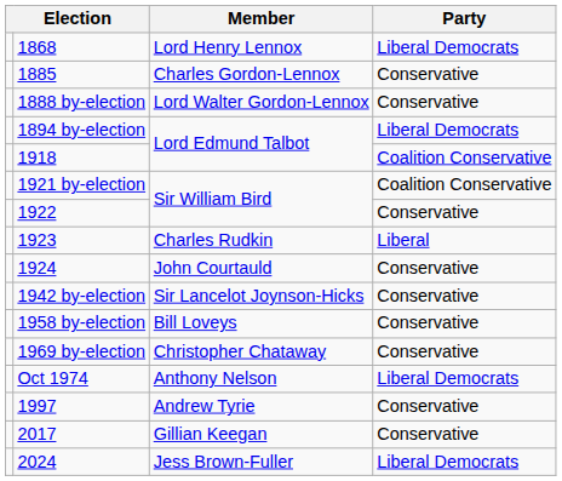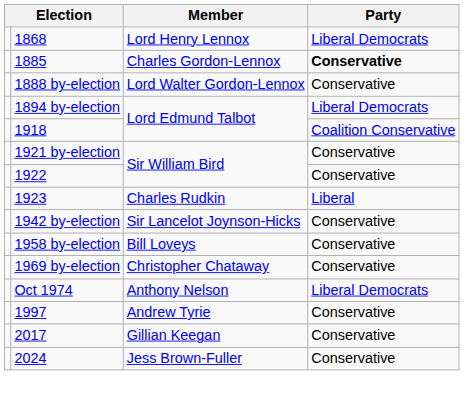 <table class="wikitable">
 <tr>
 <th colspan="2">Election</th>
 <th>Member</th>
 <th>Party</th>
 </tr>
 <tr>
 <td style="color:inherit;background-color: "></td>
 <td><a href='#'>1868</a></td>
 <td><a href='#'>Lord Henry Lennox</a></td>
 <td><a href='#'>Liberal Democrats</a></td>
 </tr>
 <tr>
 <td style="color:inherit;background-color: "></td>
 <td><a href='#'>1885</a></td>
 <td><a href='#'>Charles Gordon-Lennox</a></td>
-<td>Conservative</td>
+<td><strong>Conservative</strong></td>
 </tr>
 <tr>
 <td style="color:inherit;background-color: "></td>
 <td><a href='#'>1888 by-election</a></td>
 <td><a href='#'>Lord Walter Gordon-Lennox</a></td>
 <td>Conservative</td>
 </tr>
 <tr>
 <td style="color:inherit;background-color: "></td>
 <td><a href='#'>1894 by-election</a></td>
 <td rowspan="2"><a href='#'>Lord Edmund Talbot</a></td>
 <td><a href='#'>Liberal Democrats</a></td>
 </tr>
 <tr>
 <td style="color:inherit;background-color: "></td>
 <td><a href='#'>1918</a></td>
 <td><a href='#'>Coalition Conservative</a></td>
 </tr>
 <tr>
 <td style="color:inherit;background-color: "></td>
 <td><a href='#'>1921 by-election</a></td>
 <td rowspan="2"><a href='#'>Sir William Bird</a></td>
-<td>Coalition Conservative</td>
+<td>Conservative</td>
 </tr>
 <tr>
 <td style="color:inherit;background-color: "></td>
 <td><a href='#'>1922</a></td>
 <td>Conservative</td>
 </tr>
 <tr>
 <td style="color:inherit;background-color: "></td>
 <td><a href='#'>1923</a></td>
 <td><a href='#'>Charles Rudkin</a></td>
 <td><a href='#'>Liberal</a></td>
-</tr>
-<tr>
-<td style="color:inherit;background-color: "></td>
-<td><a href='#'>1924</a></td>
-<td><a href='#'>John Courtauld</a></td>
-<td>Conservative</td>
 </tr>
 <tr>
 <td style="color:inherit;background-color: "></td>
 <td><a href='#'>1942 by-election</a></td>
 <td><a href='#'>Sir Lancelot Joynson-Hicks</a></td>
 <td>Conservative</td>
 </tr>
 <tr>
 <td style="color:inherit;background-color: "></td>
 <td><a href='#'>1958 by-election</a></td>
 <td><a href='#'>Bill Loveys</a></td>
 <td>Conservative</td>
 </tr>
 <tr>
 <td style="color:inherit;background-color: "></td>
 <td><a href='#'>1969 by-election</a></td>
 <td><a href='#'>Christopher Chataway</a></td>
 <td>Conservative</td>
 </tr>
 <tr>
 <td style="color:inherit;background-color: "></td>
 <td><a href='#'>Oct 1974</a></td>
 <td><a href='#'>Anthony Nelson</a></td>
 <td><a href='#'>Liberal Democrats</a></td>
 </tr>
 <tr>
 <td style="color:inherit;background-color: "></td>
 <td><a href='#'>1997</a></td>
 <td><a href='#'>Andrew Tyrie</a></td>
 <td>Conservative</td>
 </tr>
 <tr>
 <td style="color:inherit;background-color: "></td>
 <td><a href='#'>2017</a></td>
 <td><a href='#'>Gillian Keegan</a></td>
 <td>Conservative</td>
 </tr>
 <tr>
 <td style="color:inherit;background-color: "></td>
 <td><a href='#'>2024</a></td>
 <td><a href='#'>Jess Brown-Fuller</a></td>
-<td><a href='#'>Liberal Democrats</a></td>
+<td>Conservative</td>
 </tr>
 </table>
